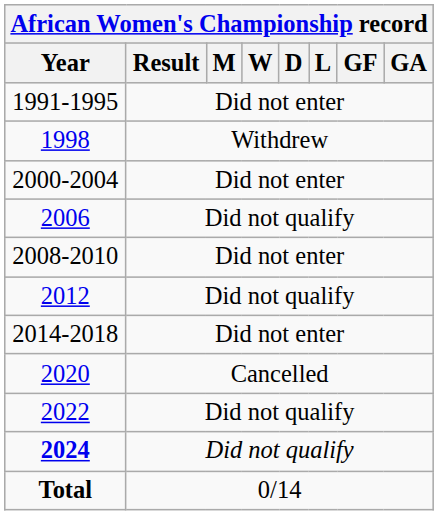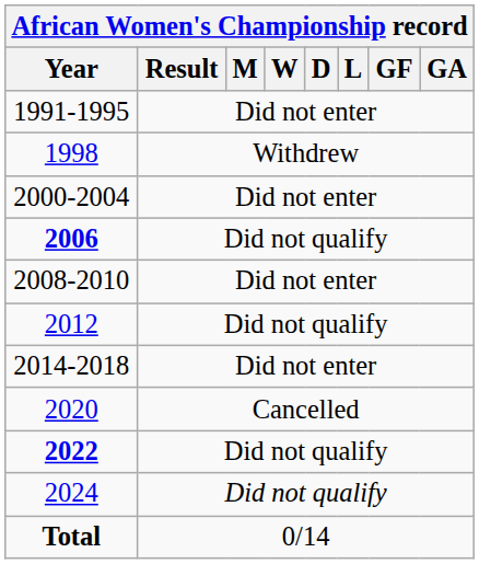 <table class="wikitable" style="text-align: center;">
 <tr>
 <th colspan=8><a href='#'>African Women's Championship</a> record</th>
 </tr>
 <tr>
 <th>Year</th>
 <th>Result</th>
 <th>M</th>
 <th>W</th>
 <th>D</th>
 <th>L</th>
 <th>GF</th>
 <th>GA</th>
 </tr>
 <tr>
 <td>1991-1995</td>
 <td colspan=8>Did not enter</td>
 </tr>
 <tr>
 <td> <a href='#'>1998</a></td>
 <td colspan=8>Withdrew</td>
 </tr>
 <tr>
 <td>2000-2004</td>
 <td colspan=8>Did not enter</td>
 </tr>
 <tr>
-<td> <a href='#'>2006</a></td>
+<td><strong> <a href='#'>2006</a></strong></td>
 <td colspan=8>Did not qualify</td>
 </tr>
 <tr>
 <td>2008-2010</td>
 <td colspan=8>Did not enter</td>
 </tr>
 <tr>
 <td> <a href='#'>2012</a></td>
 <td colspan=8>Did not qualify</td>
 </tr>
 <tr>
 <td>2014-2018</td>
 <td colspan=8>Did not enter</td>
 </tr>
 <tr>
 <td> <a href='#'>2020</a></td>
 <td colspan=8>Cancelled</td>
 </tr>
 <tr>
-<td> <a href='#'>2022</a></td>
+<td><strong> <a href='#'>2022</a></strong></td>
 <td colspan=8>Did not qualify</td>
 </tr>
 <tr>
-<td><strong> <a href='#'>2024</a></strong></td>
+<td> <a href='#'>2024</a></td>
 <td colspan=8><em>Did not qualify</em></td>
 </tr>
 <tr>
 <td><strong>Total</strong></td>
 <td colspan=7>0/14</td>
 </tr>
 </table>
